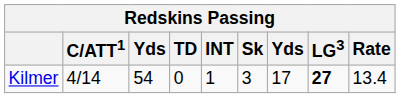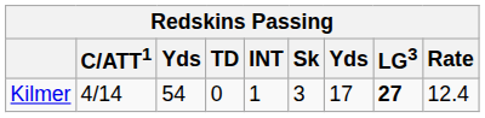 <table class="wikitable">
 <tr>
 <th colspan="9">Redskins Passing</th>
 </tr>
 <tr>
 <th></th>
 <th>C/ATT<sup>1</sup></th>
 <th>Yds</th>
 <th>TD</th>
 <th>INT</th>
 <th>Sk</th>
 <th>Yds</th>
 <th>LG<sup>3</sup></th>
 <th>Rate</th>
 </tr>
 <tr>
 <td><a href='#'>Kilmer</a></td>
 <td>4/14</td>
 <td>54</td>
 <td>0</td>
 <td>1</td>
 <td>3</td>
 <td>17</td>
 <td><strong>27</strong></td>
-<td>13.4</td>
+<td>12.4</td>
 </tr>
 </table>
